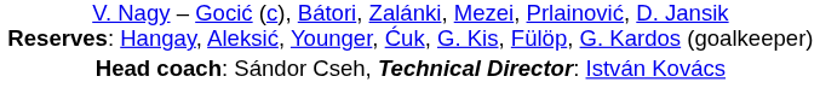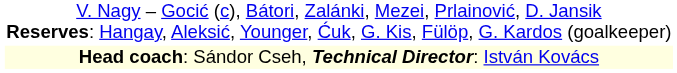 <table style="text-align: center; margin-top: 1em; margin-left: auto; margin-right: auto">
 <tr>
 <td><a href='#'>V. Nagy</a> – <a href='#'>Gocić</a> (<a href='#'>c</a>), <a href='#'>Bátori</a>, <a href='#'>Zalánki</a>, <a href='#'>Mezei</a>, <a href='#'>Prlainović</a>, <a href='#'>D. Jansik</a><br><strong>Reserves</strong>: <a href='#'>Hangay</a>, <a href='#'>Aleksić</a>, <a href='#'>Younger</a>, <a href='#'>Ćuk</a>, <a href='#'>G. Kis</a>, <a href='#'>Fülöp</a>, <a href='#'>G. Kardos</a> (goalkeeper)</td>
 </tr>
 <tr>
-<td><strong>Head coach</strong>: Sándor Cseh, <strong><em>Technical Director</em></strong>: <a href='#'>István Kovács</a></td>
+<td style="background: lightyellow;"><strong>Head coach</strong>: Sándor Cseh, <strong><em>Technical Director</em></strong>: <a href='#'>István Kovács</a></td>
 </tr>
 </table>
